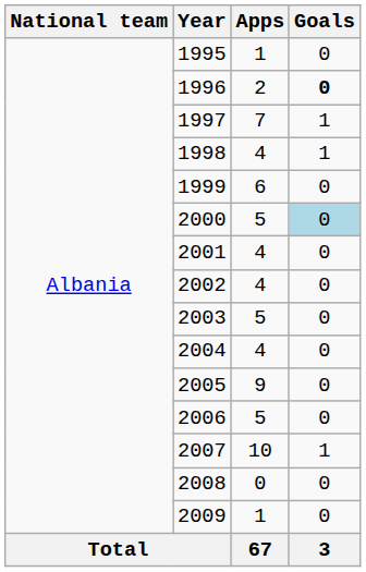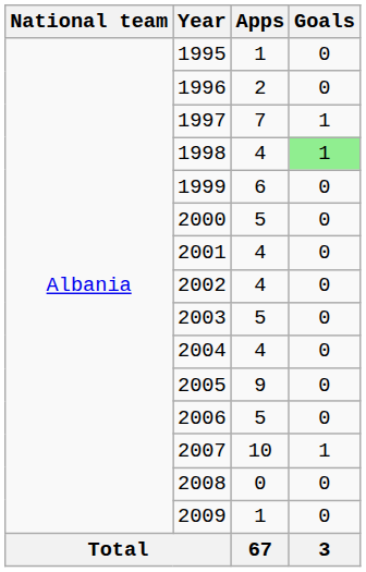 <table class="wikitable" style="text-align:center">
 <tr>
 <th>National team</th>
 <th>Year</th>
 <th>Apps</th>
 <th>Goals</th>
 </tr>
 <tr>
 <td rowspan="15"><a href='#'>Albania</a></td>
 <td>1995</td>
 <td>1</td>
 <td>0</td>
 </tr>
 <tr>
 <td>1996</td>
 <td>2</td>
-<td><strong>0</strong></td>
+<td>0</td>
 </tr>
 <tr>
 <td>1997</td>
 <td>7</td>
 <td>1</td>
 </tr>
 <tr>
 <td>1998</td>
 <td>4</td>
-<td>1</td>
+<td style="background: lightgreen;">1</td>
 </tr>
 <tr>
 <td>1999</td>
 <td>6</td>
 <td>0</td>
 </tr>
 <tr>
 <td>2000</td>
 <td>5</td>
-<td style="background: lightblue;">0</td>
+<td>0</td>
 </tr>
 <tr>
 <td>2001</td>
 <td>4</td>
 <td>0</td>
 </tr>
 <tr>
 <td>2002</td>
 <td>4</td>
 <td>0</td>
 </tr>
 <tr>
 <td>2003</td>
 <td>5</td>
 <td>0</td>
 </tr>
 <tr>
 <td>2004</td>
 <td>4</td>
 <td>0</td>
 </tr>
 <tr>
 <td>2005</td>
 <td>9</td>
 <td>0</td>
 </tr>
 <tr>
 <td>2006</td>
 <td>5</td>
 <td>0</td>
 </tr>
 <tr>
 <td>2007</td>
 <td>10</td>
 <td>1</td>
 </tr>
 <tr>
 <td>2008</td>
 <td>0</td>
 <td>0</td>
 </tr>
 <tr>
 <td>2009</td>
 <td>1</td>
 <td>0</td>
 </tr>
 <tr>
 <th colspan="2">Total</th>
 <th>67</th>
 <th>3</th>
 </tr>
 </table>
